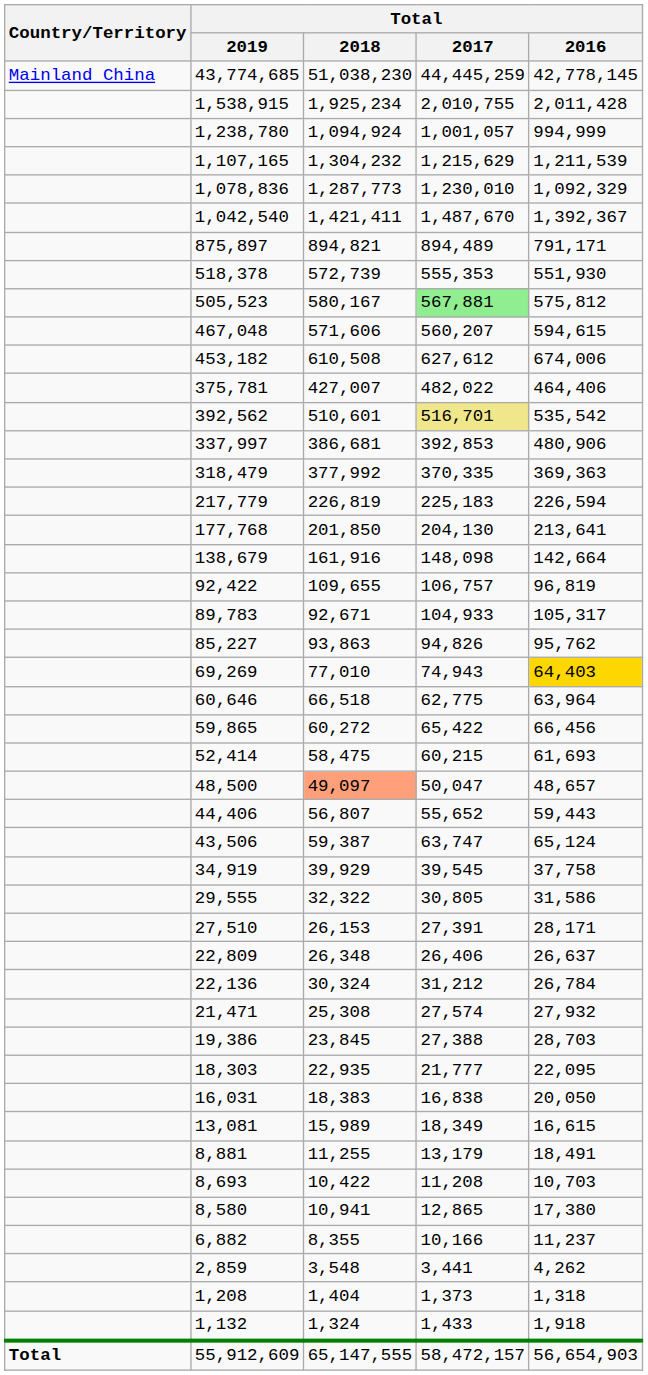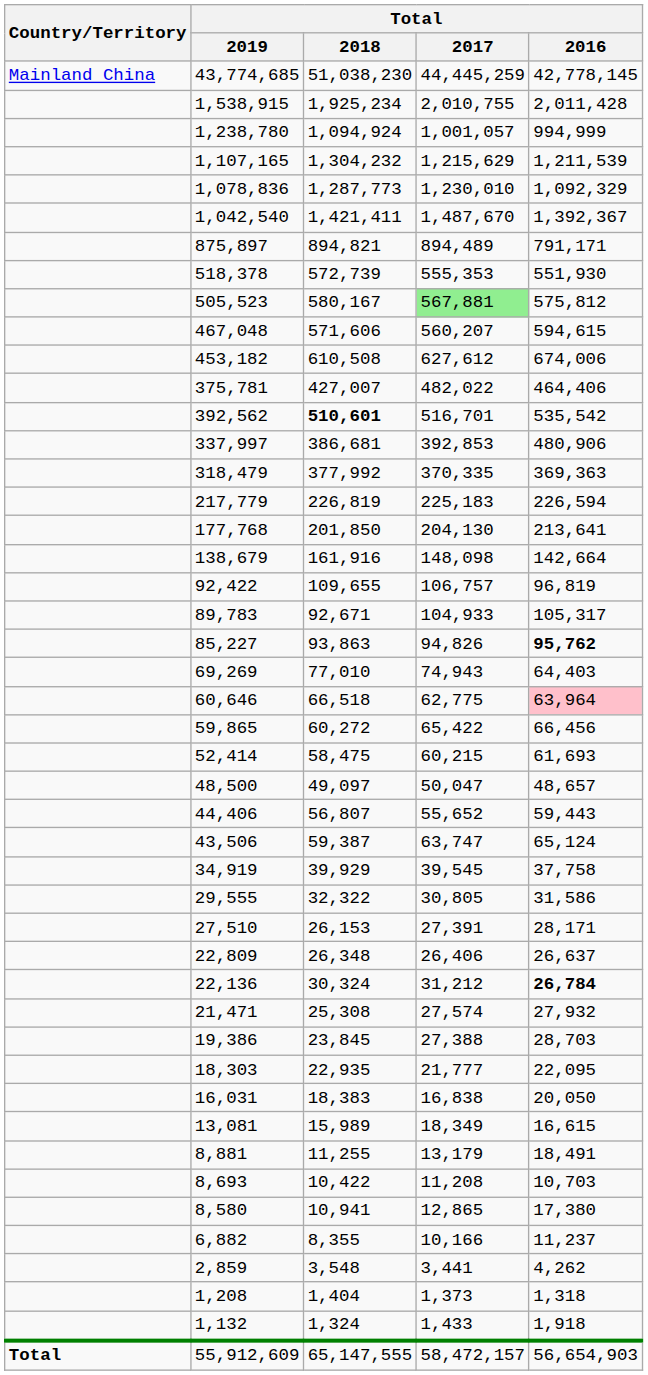 <table class="wikitable sortable">
 <tr>
 <th rowspan="2">Country/Territory</th>
 <th colspan="4">Total</th>
 </tr>
 <tr>
 <th>2019</th>
 <th>2018</th>
 <th>2017</th>
 <th>2016</th>
 </tr>
 <tr>
 <td> <a href='#'>Mainland China</a></td>
 <td>43,774,685</td>
 <td>51,038,230</td>
 <td>44,445,259</td>
 <td>42,778,145</td>
 </tr>
 <tr>
 <td></td>
 <td>1,538,915</td>
 <td>1,925,234</td>
 <td>2,010,755</td>
 <td>2,011,428</td>
 </tr>
 <tr>
 <td></td>
 <td>1,238,780</td>
 <td>1,094,924</td>
 <td>1,001,057</td>
 <td>994,999</td>
 </tr>
 <tr>
 <td></td>
 <td>1,107,165</td>
 <td>1,304,232</td>
 <td>1,215,629</td>
 <td>1,211,539</td>
 </tr>
 <tr>
 <td></td>
 <td>1,078,836</td>
 <td>1,287,773</td>
 <td>1,230,010</td>
 <td>1,092,329</td>
 </tr>
 <tr>
 <td></td>
 <td>1,042,540</td>
 <td>1,421,411</td>
 <td>1,487,670</td>
 <td>1,392,367</td>
 </tr>
 <tr>
 <td></td>
 <td>875,897</td>
 <td>894,821</td>
 <td>894,489</td>
 <td>791,171</td>
 </tr>
 <tr>
 <td></td>
 <td>518,378</td>
 <td>572,739</td>
 <td>555,353</td>
 <td>551,930</td>
 </tr>
 <tr>
 <td></td>
 <td>505,523</td>
 <td>580,167</td>
 <td style="background: lightgreen;">567,881</td>
 <td>575,812</td>
 </tr>
 <tr>
 <td></td>
 <td>467,048</td>
 <td>571,606</td>
 <td>560,207</td>
 <td>594,615</td>
 </tr>
 <tr>
 <td></td>
 <td>453,182</td>
 <td>610,508</td>
 <td>627,612</td>
 <td>674,006</td>
 </tr>
 <tr>
 <td></td>
 <td>375,781</td>
 <td>427,007</td>
 <td>482,022</td>
 <td>464,406</td>
 </tr>
 <tr>
 <td></td>
 <td>392,562</td>
-<td>510,601</td>
-<td style="background: khaki;">516,701</td>
+<td><strong>510,601</strong></td>
+<td>516,701</td>
 <td>535,542</td>
 </tr>
 <tr>
 <td></td>
 <td>337,997</td>
 <td>386,681</td>
 <td>392,853</td>
 <td>480,906</td>
 </tr>
 <tr>
 <td></td>
 <td>318,479</td>
 <td>377,992</td>
 <td>370,335</td>
 <td>369,363</td>
 </tr>
 <tr>
 <td></td>
 <td>217,779</td>
 <td>226,819</td>
 <td>225,183</td>
 <td>226,594</td>
 </tr>
 <tr>
 <td></td>
 <td>177,768</td>
 <td>201,850</td>
 <td>204,130</td>
 <td>213,641</td>
 </tr>
 <tr>
 <td></td>
 <td>138,679</td>
 <td>161,916</td>
 <td>148,098</td>
 <td>142,664</td>
 </tr>
 <tr>
 <td></td>
 <td>92,422</td>
 <td>109,655</td>
 <td>106,757</td>
 <td>96,819</td>
 </tr>
 <tr>
 <td></td>
 <td>89,783</td>
 <td>92,671</td>
 <td>104,933</td>
 <td>105,317</td>
 </tr>
 <tr>
 <td></td>
 <td>85,227</td>
 <td>93,863</td>
 <td>94,826</td>
-<td>95,762</td>
+<td><strong>95,762</strong></td>
 </tr>
 <tr>
 <td></td>
 <td>69,269</td>
 <td>77,010</td>
 <td>74,943</td>
-<td style="background: gold;">64,403</td>
+<td>64,403</td>
 </tr>
 <tr>
 <td></td>
 <td>60,646</td>
 <td>66,518</td>
 <td>62,775</td>
-<td>63,964</td>
+<td style="background: pink;">63,964</td>
 </tr>
 <tr>
 <td></td>
 <td>59,865</td>
 <td>60,272</td>
 <td>65,422</td>
 <td>66,456</td>
 </tr>
 <tr>
 <td></td>
 <td>52,414</td>
 <td>58,475</td>
 <td>60,215</td>
 <td>61,693</td>
 </tr>
 <tr>
 <td></td>
 <td>48,500</td>
-<td style="background: lightsalmon;">49,097</td>
+<td>49,097</td>
 <td>50,047</td>
 <td>48,657</td>
 </tr>
 <tr>
 <td></td>
 <td>44,406</td>
 <td>56,807</td>
 <td>55,652</td>
 <td>59,443</td>
 </tr>
 <tr>
 <td></td>
 <td>43,506</td>
 <td>59,387</td>
 <td>63,747</td>
 <td>65,124</td>
 </tr>
 <tr>
 <td></td>
 <td>34,919</td>
 <td>39,929</td>
 <td>39,545</td>
 <td>37,758</td>
 </tr>
 <tr>
 <td></td>
 <td>29,555</td>
 <td>32,322</td>
 <td>30,805</td>
 <td>31,586</td>
 </tr>
 <tr>
 <td></td>
 <td>27,510</td>
 <td>26,153</td>
 <td>27,391</td>
 <td>28,171</td>
 </tr>
 <tr>
 <td></td>
 <td>22,809</td>
 <td>26,348</td>
 <td>26,406</td>
 <td>26,637</td>
 </tr>
 <tr>
 <td></td>
 <td>22,136</td>
 <td>30,324</td>
 <td>31,212</td>
-<td>26,784</td>
+<td><strong>26,784</strong></td>
 </tr>
 <tr>
 <td></td>
 <td>21,471</td>
 <td>25,308</td>
 <td>27,574</td>
 <td>27,932</td>
 </tr>
 <tr>
 <td></td>
 <td>19,386</td>
 <td>23,845</td>
 <td>27,388</td>
 <td>28,703</td>
 </tr>
 <tr>
 <td></td>
 <td>18,303</td>
 <td>22,935</td>
 <td>21,777</td>
 <td>22,095</td>
 </tr>
 <tr>
 <td></td>
 <td>16,031</td>
 <td>18,383</td>
 <td>16,838</td>
 <td>20,050</td>
 </tr>
 <tr>
 <td></td>
 <td>13,081</td>
 <td>15,989</td>
 <td>18,349</td>
 <td>16,615</td>
 </tr>
 <tr>
 <td></td>
 <td>8,881</td>
 <td>11,255</td>
 <td>13,179</td>
 <td>18,491</td>
 </tr>
 <tr>
 <td></td>
 <td>8,693</td>
 <td>10,422</td>
 <td>11,208</td>
 <td>10,703</td>
 </tr>
 <tr>
 <td></td>
 <td>8,580</td>
 <td>10,941</td>
 <td>12,865</td>
 <td>17,380</td>
 </tr>
 <tr>
 <td></td>
 <td>6,882</td>
 <td>8,355</td>
 <td>10,166</td>
 <td>11,237</td>
 </tr>
 <tr>
 <td></td>
 <td>2,859</td>
 <td>3,548</td>
 <td>3,441</td>
 <td>4,262</td>
 </tr>
 <tr>
 <td></td>
 <td>1,208</td>
 <td>1,404</td>
 <td>1,373</td>
 <td>1,318</td>
 </tr>
 <tr>
 <td></td>
 <td>1,132</td>
 <td>1,324</td>
 <td>1,433</td>
 <td>1,918</td>
 </tr>
 <tr style="border-top:3px solid green;">
 <td><strong>Total</strong></td>
 <td>55,912,609</td>
 <td>65,147,555</td>
 <td>58,472,157</td>
 <td>56,654,903</td>
 </tr>
 </table>
